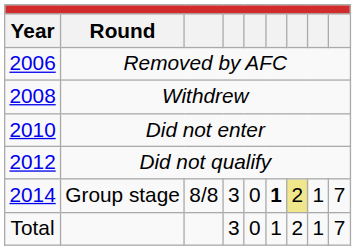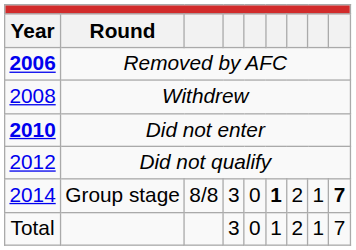 <table class="wikitable" style="text-align:center">
 <tr>
 <th colspan=9 style="background: #D22B2B; color: #FFFFFF;"><a href='#'></a></th>
 </tr>
 <tr>
 <th>Year</th>
 <th>Round</th>
 <th></th>
 <th></th>
 <th></th>
 <th></th>
 <th></th>
 <th></th>
 <th></th>
 </tr>
 <tr>
-<td> <a href='#'>2006</a></td>
+<td><strong> <a href='#'>2006</a></strong></td>
 <td colspan=8><em>Removed by AFC</em></td>
 </tr>
 <tr>
 <td> <a href='#'>2008</a></td>
 <td colspan=8><em>Withdrew</em></td>
 </tr>
 <tr>
-<td> <a href='#'>2010</a></td>
+<td><strong> <a href='#'>2010</a></strong></td>
 <td colspan=8><em>Did not enter</em></td>
 </tr>
 <tr>
 <td> <a href='#'>2012</a></td>
 <td colspan=8><em>Did not qualify</em></td>
 </tr>
 <tr>
 <td> <a href='#'>2014</a></td>
 <td>Group stage</td>
 <td>8/8</td>
 <td>3</td>
 <td>0</td>
 <td><strong>1</strong></td>
-<td style="background: khaki;">2</td>
+<td>2</td>
 <td>1</td>
-<td>7</td>
+<td><strong>7</strong></td>
 </tr>
 <tr>
 <td>Total</td>
 <td></td>
 <td></td>
 <td>3</td>
 <td>0</td>
 <td>1</td>
 <td>2</td>
 <td>1</td>
 <td>7</td>
 </tr>
 </table>
